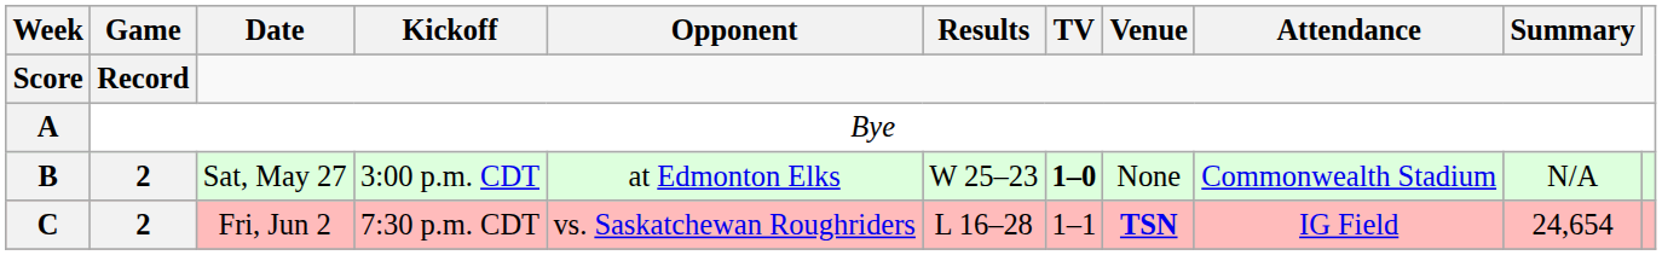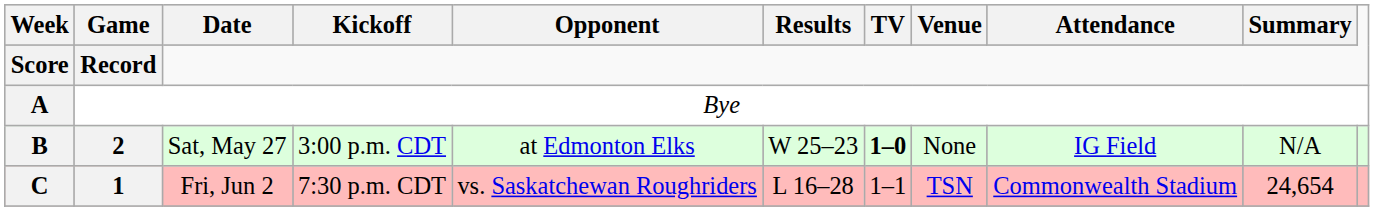 <table class="wikitable" style="font-size: 95%;">
 <tr>
 <th scope="col">Week</th>
 <th scope="col">Game</th>
 <th scope="col">Date</th>
 <th scope="col">Kickoff</th>
 <th scope="col">Opponent</th>
 <th scope="col">Results</th>
 <th scope="col">TV</th>
 <th scope="col">Venue</th>
 <th scope="col">Attendance</th>
 <th scope="col">Summary</th>
 </tr>
 <tr>
 <th scope="col">Score</th>
 <th scope="col">Record</th>
 </tr>
 <tr align="center"= bgcolor="ffffff">
 <th align="center"><strong>A</strong></th>
 <td colspan=10 align="center" valign="middle"><em>Bye</em></td>
 </tr>
 <tr align="center"= bgcolor="ddffdd">
 <th align="center"><strong>B</strong></th>
 <th align="center"><strong>2</strong></th>
 <td align="center">Sat, May 27</td>
 <td align="center">3:00 p.m. <a href='#'>CDT</a></td>
 <td align="center">at <a href='#'>Edmonton Elks</a></td>
 <td align="center">W 25–23</td>
 <td align="center"><strong>1–0</strong></td>
 <td align="center">None</td>
-<td align="center"><a href='#'>Commonwealth Stadium</a></td>
+<td align="center"><a href='#'>IG Field</a></td>
 <td align="center">N/A</td>
 <td align="center"></td>
 </tr>
 <tr align="center"= bgcolor="ffbbbb">
 <th align="center"><strong>C</strong></th>
-<th align="center"><strong>2</strong></th>
+<th align="center"><strong>1</strong></th>
 <td align="center">Fri, Jun 2</td>
 <td align="center">7:30 p.m. CDT</td>
 <td align="center">vs. <a href='#'>Saskatchewan Roughriders</a></td>
 <td align="center">L 16–28</td>
 <td align="center">1–1</td>
-<td align="center"><strong><a href='#'>TSN</a></strong></td>
-<td align="center"><a href='#'>IG Field</a></td>
+<td align="center"><a href='#'>TSN</a></td>
+<td align="center"><a href='#'>Commonwealth Stadium</a></td>
 <td align="center">24,654</td>
 <td align="center"></td>
 </tr>
 </table>
